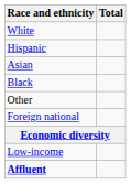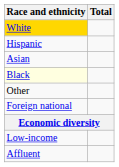 <table class="wikitable floatright sortable collapsible"; text-align:right; font-size:80%;">
 <tr>
 <th>Race and ethnicity</th>
 <th colspan="2" data-sort-type=number>Total</th>
 </tr>
 <tr>
-<td><a href='#'>White</a></td>
+<td style="background: gold;"><a href='#'>White</a></td>
 <td align=right></td>
 </tr>
 <tr>
 <td><a href='#'>Hispanic</a></td>
 <td align=right></td>
 </tr>
 <tr>
 <td><a href='#'>Asian</a></td>
 <td align=right></td>
 </tr>
 <tr>
-<td><a href='#'>Black</a></td>
+<td style="background: lightyellow;"><a href='#'>Black</a></td>
 <td align=right></td>
 </tr>
 <tr>
 <td>Other</td>
 <td align=right></td>
 </tr>
 <tr>
 <td><a href='#'>Foreign national</a></td>
 <td align=right></td>
 </tr>
 <tr>
 <th colspan="4" data-sort-type=number><a href='#'>Economic diversity</a></th>
 </tr>
 <tr>
 <td><a href='#'>Low-income</a></td>
 <td align=right></td>
 </tr>
 <tr>
-<td><strong><a href='#'>Affluent</a></strong></td>
+<td><a href='#'>Affluent</a></td>
 <td align=right></td>
 </tr>
 </table>
